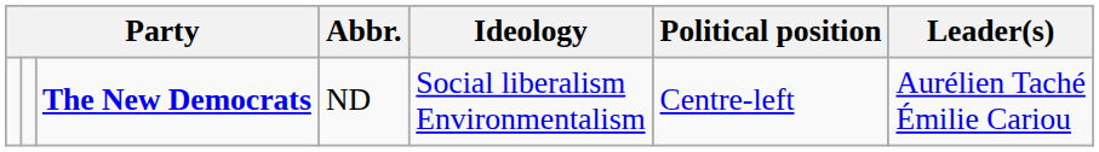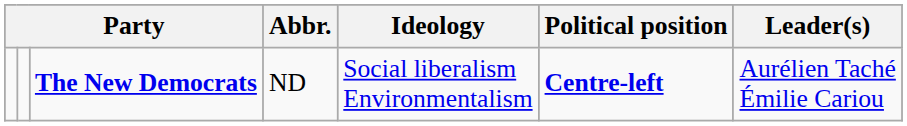 <table class="wikitable" style="font-size:90%">
 <tr>
 <th colspan="3">Party</th>
 <th>Abbr.</th>
 <th>Ideology</th>
 <th>Political position</th>
 <th>Leader(s)</th>
 </tr>
 <tr>
 <td style="background-color: "></td>
 <td align="center"></td>
 <td><strong><a href='#'>The New Democrats</a></strong></td>
 <td>ND</td>
 <td><a href='#'>Social liberalism</a><br><a href='#'>Environmentalism</a></td>
-<td><a href='#'>Centre-left</a></td>
+<td><strong><a href='#'>Centre-left</a></strong></td>
 <td><a href='#'>Aurélien Taché</a><br><a href='#'>Émilie Cariou</a></td>
 </tr>
 </table>
